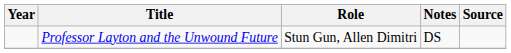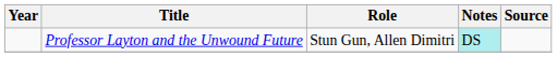 <table class="wikitable sortable plainrowheaders">
 <tr>
 <th>Year</th>
 <th>Title</th>
 <th>Role</th>
 <th class="unsortable">Notes</th>
 <th class="unsortable">Source</th>
 </tr>
 <tr>
 <td></td>
 <td><em><a href='#'>Professor Layton and the Unwound Future</a></em></td>
 <td>Stun Gun, Allen Dimitri</td>
-<td>DS</td>
+<td style="background: paleturquoise;">DS</td>
 <td></td>
 </tr>
 <tr>
 </tr>
 </table>
